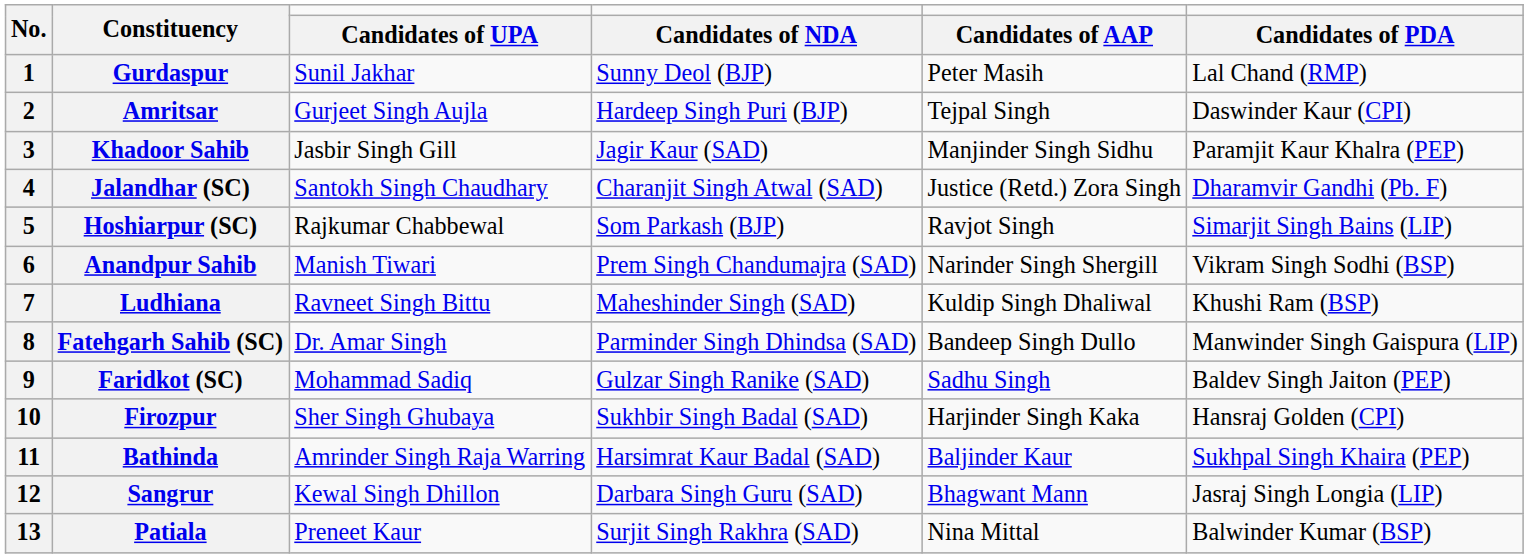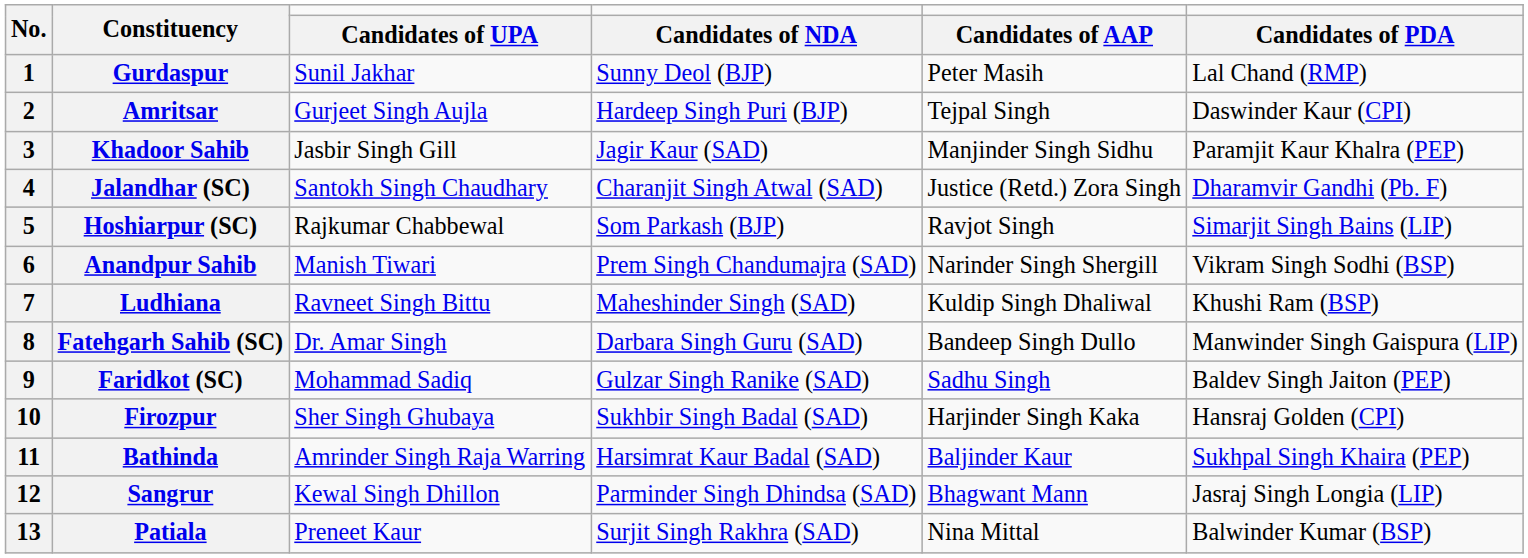 <table class="wikitable sortable plainrowheaders" style="margin:auto; margin:auto;">
 <tr>
 <th rowspan="2">No.</th>
 <th rowspan="2">Constituency</th>
 <td style="background-color: "></td>
 <td style="background-color: "></td>
 <td style="background-color: "></td>
 <td style="background-color: "></td>
 </tr>
 <tr>
 <th>Candidates of <a href='#'>UPA</a></th>
 <th>Candidates of <a href='#'>NDA</a></th>
 <th>Candidates of <a href='#'>AAP</a></th>
 <th>Candidates of <a href='#'>PDA</a></th>
 </tr>
 <tr>
 <th>1</th>
 <th><a href='#'>Gurdaspur</a></th>
 <td><a href='#'>Sunil Jakhar</a></td>
 <td><a href='#'>Sunny Deol</a> (<a href='#'>BJP</a>)</td>
 <td>Peter Masih</td>
 <td>Lal Chand (<a href='#'>RMP</a>)</td>
 </tr>
 <tr>
 <th>2</th>
 <th><a href='#'>Amritsar</a></th>
 <td><a href='#'>Gurjeet Singh Aujla</a></td>
 <td><a href='#'>Hardeep Singh Puri</a> (<a href='#'>BJP</a>)</td>
 <td>Tejpal Singh</td>
 <td>Daswinder Kaur (<a href='#'>CPI</a>)</td>
 </tr>
 <tr>
 <th>3</th>
 <th><a href='#'>Khadoor Sahib</a></th>
 <td>Jasbir Singh Gill</td>
 <td><a href='#'>Jagir Kaur</a> (<a href='#'>SAD</a>)</td>
 <td>Manjinder Singh Sidhu</td>
 <td>Paramjit Kaur Khalra (<a href='#'>PEP</a>)</td>
 </tr>
 <tr>
 <th>4</th>
 <th><a href='#'>Jalandhar</a> (SC)</th>
 <td><a href='#'>Santokh Singh Chaudhary</a></td>
 <td><a href='#'>Charanjit Singh Atwal</a> (<a href='#'>SAD</a>)</td>
 <td>Justice (Retd.) Zora Singh</td>
 <td><a href='#'>Dharamvir Gandhi</a> (<a href='#'>Pb. F</a>)</td>
 </tr>
 <tr>
 <th>5</th>
 <th><a href='#'>Hoshiarpur</a> (SC)</th>
 <td>Rajkumar Chabbewal</td>
 <td><a href='#'>Som Parkash</a> (<a href='#'>BJP</a>)</td>
 <td>Ravjot Singh</td>
 <td><a href='#'>Simarjit Singh Bains</a> (<a href='#'>LIP</a>)</td>
 </tr>
 <tr>
 <th>6</th>
 <th><a href='#'>Anandpur Sahib</a></th>
 <td><a href='#'>Manish Tiwari</a></td>
 <td><a href='#'>Prem Singh Chandumajra</a> (<a href='#'>SAD</a>)</td>
 <td>Narinder Singh Shergill</td>
 <td>Vikram Singh Sodhi (<a href='#'>BSP</a>)</td>
 </tr>
 <tr>
 <th>7</th>
 <th><a href='#'>Ludhiana</a></th>
 <td><a href='#'>Ravneet Singh Bittu</a></td>
 <td><a href='#'>Maheshinder Singh</a> (<a href='#'>SAD</a>)</td>
 <td>Kuldip Singh Dhaliwal</td>
 <td>Khushi Ram (<a href='#'>BSP</a>)</td>
 </tr>
 <tr>
 <th>8</th>
 <th><a href='#'>Fatehgarh Sahib</a> (SC)</th>
 <td><a href='#'>Dr. Amar Singh</a></td>
-<td><a href='#'>Parminder Singh Dhindsa</a> (<a href='#'>SAD</a>)</td>
+<td><a href='#'>Darbara Singh Guru</a> (<a href='#'>SAD</a>)</td>
 <td>Bandeep Singh Dullo</td>
 <td>Manwinder Singh Gaispura (<a href='#'>LIP</a>)</td>
 </tr>
 <tr>
 <th>9</th>
 <th><a href='#'>Faridkot</a> (SC)</th>
 <td><a href='#'>Mohammad Sadiq</a></td>
 <td><a href='#'>Gulzar Singh Ranike</a> (<a href='#'>SAD</a>)</td>
 <td><a href='#'>Sadhu Singh</a></td>
 <td>Baldev Singh Jaiton (<a href='#'>PEP</a>)</td>
 </tr>
 <tr>
 <th>10</th>
 <th><a href='#'>Firozpur</a></th>
 <td><a href='#'>Sher Singh Ghubaya</a></td>
 <td><a href='#'>Sukhbir Singh Badal</a> (<a href='#'>SAD</a>)</td>
 <td>Harjinder Singh Kaka</td>
 <td>Hansraj Golden (<a href='#'>CPI</a>)</td>
 </tr>
 <tr>
 <th>11</th>
 <th><a href='#'>Bathinda</a></th>
 <td><a href='#'>Amrinder Singh Raja Warring</a></td>
 <td><a href='#'>Harsimrat Kaur Badal</a> (<a href='#'>SAD</a>)</td>
 <td><a href='#'>Baljinder Kaur</a></td>
 <td><a href='#'>Sukhpal Singh Khaira</a> (<a href='#'>PEP</a>)</td>
 </tr>
 <tr>
 <th>12</th>
 <th><a href='#'>Sangrur</a></th>
 <td><a href='#'>Kewal Singh Dhillon</a></td>
-<td><a href='#'>Darbara Singh Guru</a> (<a href='#'>SAD</a>)</td>
+<td><a href='#'>Parminder Singh Dhindsa</a> (<a href='#'>SAD</a>)</td>
 <td><a href='#'>Bhagwant Mann</a></td>
 <td>Jasraj Singh Longia (<a href='#'>LIP</a>)</td>
 </tr>
 <tr>
 <th>13</th>
 <th><a href='#'>Patiala</a></th>
 <td><a href='#'>Preneet Kaur</a></td>
 <td><a href='#'>Surjit Singh Rakhra</a> (<a href='#'>SAD</a>)</td>
 <td>Nina Mittal</td>
 <td>Balwinder Kumar (<a href='#'>BSP</a>)</td>
 </tr>
 </table>
